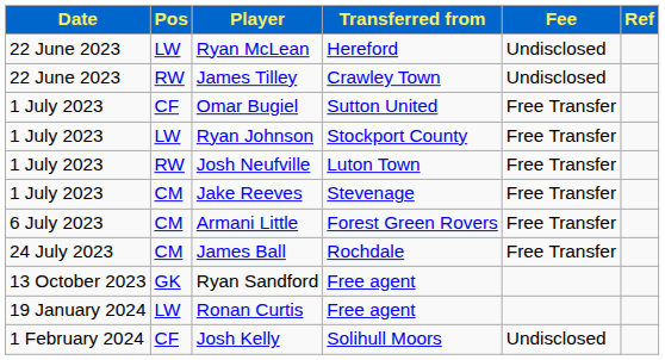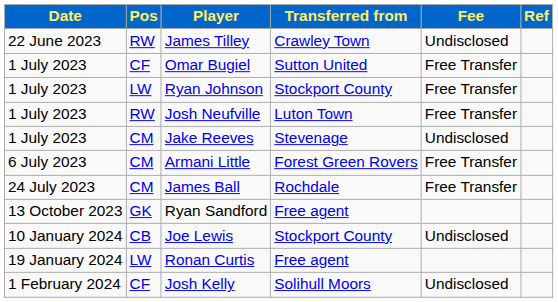 <table class="wikitable plainrowheaders sortable">
 <tr>
 <th style="background:#0066cb; color:#fe6; ">Date</th>
 <th style="background:#0066cb; color:#fe6; ">Pos</th>
 <th style="background:#0066cb; color:#fe6; ">Player</th>
 <th style="background:#0066cb; color:#fe6; ">Transferred from</th>
 <th style="background:#0066cb; color:#fe6; ">Fee</th>
 <th style="background:#0066cb; color:#fe6; ">Ref</th>
-</tr>
-<tr>
-<td>22 June 2023</td>
-<td><a href='#'>LW</a></td>
-<td> <a href='#'>Ryan McLean</a></td>
-<td> <a href='#'>Hereford</a></td>
-<td>Undisclosed</td>
-<td></td>
 </tr>
 <tr>
 <td>22 June 2023</td>
 <td><a href='#'>RW</a></td>
 <td> <a href='#'>James Tilley</a></td>
 <td> <a href='#'>Crawley Town</a></td>
 <td>Undisclosed</td>
 <td></td>
 </tr>
 <tr>
 <td>1 July 2023</td>
 <td><a href='#'>CF</a></td>
 <td> <a href='#'>Omar Bugiel</a></td>
 <td> <a href='#'>Sutton United</a></td>
 <td>Free Transfer</td>
 <td></td>
 </tr>
 <tr>
 <td>1 July 2023</td>
 <td><a href='#'>LW</a></td>
 <td> <a href='#'>Ryan Johnson</a></td>
 <td> <a href='#'>Stockport County</a></td>
 <td>Free Transfer</td>
 <td></td>
 </tr>
 <tr>
 <td>1 July 2023</td>
 <td><a href='#'>RW</a></td>
 <td> <a href='#'>Josh Neufville</a></td>
 <td> <a href='#'>Luton Town</a></td>
 <td>Free Transfer</td>
 <td></td>
 </tr>
 <tr>
 <td>1 July 2023</td>
 <td><a href='#'>CM</a></td>
 <td> <a href='#'>Jake Reeves</a></td>
 <td> <a href='#'>Stevenage</a></td>
-<td>Free Transfer</td>
+<td>Undisclosed</td>
 <td></td>
 </tr>
 <tr>
 <td>6 July 2023</td>
 <td><a href='#'>CM</a></td>
 <td> <a href='#'>Armani Little</a></td>
 <td> <a href='#'>Forest Green Rovers</a></td>
 <td>Free Transfer</td>
 <td></td>
 </tr>
 <tr>
 <td>24 July 2023</td>
 <td><a href='#'>CM</a></td>
 <td> <a href='#'>James Ball</a></td>
 <td> <a href='#'>Rochdale</a></td>
 <td>Free Transfer</td>
 <td></td>
 </tr>
 <tr>
 <td>13 October 2023</td>
 <td><a href='#'>GK</a></td>
 <td> Ryan Sandford</td>
 <td> <a href='#'>Free agent</a></td>
 <td></td>
 <td></td>
 </tr>
 <tr>
+<td>10 January 2024</td>
+<td><a href='#'>CB</a></td>
+<td> <a href='#'>Joe Lewis</a></td>
+<td> <a href='#'>Stockport County</a></td>
+<td>Undisclosed</td>
+<td></td>
+</tr>
+<tr>
 <td>19 January 2024</td>
 <td><a href='#'>LW</a></td>
 <td> <a href='#'>Ronan Curtis</a></td>
 <td> <a href='#'>Free agent</a></td>
 <td></td>
 <td></td>
 </tr>
 <tr>
 <td>1 February 2024</td>
 <td><a href='#'>CF</a></td>
 <td> <a href='#'>Josh Kelly</a></td>
 <td> <a href='#'>Solihull Moors</a></td>
 <td>Undisclosed</td>
 <td></td>
 </tr>
 </table>
